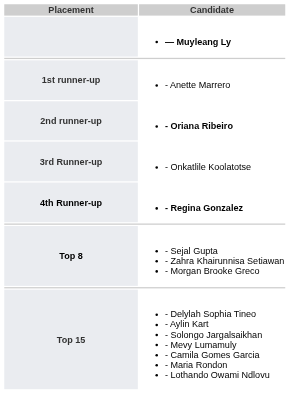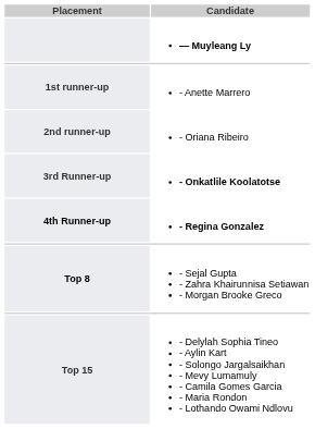 <table class="toccolours" style="font-size: 90%">
 <tr>
 <th width=210px style = "background: #CECECE; color: #333333; text-align:center ">Placement</th>
 <th style = "background: #CECECE; color: #333333; text-align:center">Candidate</th>
 </tr>
 <tr>
 <th style = "background: #eaecf0; color:#333333; text-align:center"></th>
 <td><br><ul><li><strong>  — Muyleang Ly</strong></li></ul></td>
 </tr>
 <tr>
 <td colspan="2" style="background:#CECECE"></td>
 </tr>
 <tr>
 <th style = "background: #eaecf0; color:#333333; text-align:center">1st runner-up</th>
 <td><br><ul><li> - Anette Marrero</li></ul></td>
 </tr>
 <tr>
 <th style = "background: #eaecf0; color:#333333; text-align:center">2nd runner-up</th>
-<td><strong><br><ul><li> - Oriana Ribeiro</li></ul></strong></td>
+<td><br><ul><li> - Oriana Ribeiro</li></ul></td>
 </tr>
 <tr>
 <th style = "background: #eaecf0; color:#333333; text-align:center">3rd Runner-up</th>
-<td {{nowrap><br><ul><li> - Onkatlile Koolatotse</li></ul></td>
+<td {{nowrap><strong><br><ul><li> - Onkatlile Koolatotse</li></ul></strong></td>
 </tr>
 <tr>
 <th style= "background: #eaecf0; color:#3333333; text-align: center ">4th Runner-up</th>
 <td><strong><br><ul><li> - Regina Gonzalez</li></ul></strong></td>
 </tr>
 <tr>
 <td colspan="2" style="background:#CECECE"></td>
 </tr>
 <tr>
 <th style="background: #eaecf0; color:#3333333; text-align: center">Top 8</th>
 <td><br><ul><li> - Sejal Gupta</li><li> - Zahra Khairunnisa Setiawan</li><li> - Morgan Brooke Greco</li></ul></td>
 </tr>
 <tr>
 <td colspan="2" style="background:#CECECE"></td>
 </tr>
 <tr>
 <th style = "background: #eaecf0; color:#333333; text-align:center">Top 15</th>
 <td><br><ul><li> - Delylah Sophia Tineo</li><li> - Aylin Kart</li><li> - Solongo Jargalsaikhan</li><li> - Mevy Lumamuly</li><li> - Camila Gomes Garcia</li><li> - Maria Rondon</li><li> - Lothando Owami Ndlovu</li></ul></td>
 </tr>
 </table>
